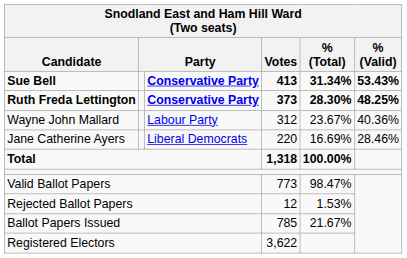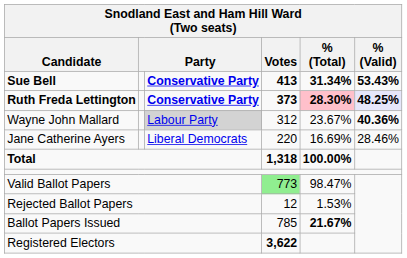 <table class="wikitable" border="1" style="text-align:right; font-size:100%">
 <tr>
 <th align=center colspan=6>Snodland East and Ham Hill Ward<br>(Two seats)</th>
 </tr>
 <tr>
 <th valign=bottom>Candidate</th>
 <th valign=bottom colspan=2>Party</th>
 <th valign=bottom>Votes</th>
 <th>%<br>(Total)</th>
 <th>%<br>(Valid)</th>
 </tr>
 <tr>
 <td align=left><strong>Sue Bell</strong></td>
 <td style="background:"></td>
 <td align=left><strong><a href='#'>Conservative Party</a></strong></td>
 <td><strong>413</strong></td>
 <td><strong>31.34%</strong></td>
 <td><strong>53.43%</strong></td>
 </tr>
 <tr>
 <td align=left><strong>Ruth Freda Lettington</strong></td>
 <td style="background:"></td>
 <td align=left><strong><a href='#'>Conservative Party</a></strong></td>
 <td><strong>373</strong></td>
-<td><strong>28.30%</strong></td>
-<td><strong>48.25%</strong></td>
+<td style="background: pink;"><strong>28.30%</strong></td>
+<td style="background: lavender;"><strong>48.25%</strong></td>
 </tr>
 <tr>
 <td align=left>Wayne John Mallard</td>
 <td style="background:"></td>
-<td align=left><a href='#'>Labour Party</a></td>
+<td align=left style="background: lightgrey;"><a href='#'>Labour Party</a></td>
 <td>312</td>
 <td>23.67%</td>
-<td>40.36%</td>
+<td><strong>40.36%</strong></td>
 </tr>
 <tr>
 <td align=left>Jane Catherine Ayers</td>
 <td style="background:"></td>
 <td align=left><a href='#'>Liberal Democrats</a></td>
 <td>220</td>
 <td>16.69%</td>
 <td>28.46%</td>
 </tr>
 <tr style="font-weight:bold">
 <td align=left colspan=3>Total</td>
 <td>1,318</td>
 <td>100.00%</td>
 <td></td>
 </tr>
 <tr>
 <td align=left colspan=6></td>
 </tr>
 <tr>
 <td align=left colspan=3>Valid Ballot Papers</td>
-<td>773</td>
+<td style="background: lightgreen;">773</td>
 <td>98.47%</td>
 <td rowspan=4></td>
 </tr>
 <tr>
 <td align=left colspan=3>Rejected Ballot Papers</td>
 <td>12</td>
 <td>1.53%</td>
 </tr>
 <tr>
 <td align=left colspan=3>Ballot Papers Issued</td>
 <td>785</td>
-<td>21.67%</td>
+<td><strong>21.67%</strong></td>
 </tr>
 <tr>
 <td align=left colspan=3>Registered Electors</td>
-<td>3,622</td>
+<td><strong>3,622</strong></td>
 <td></td>
 </tr>
 </table>
